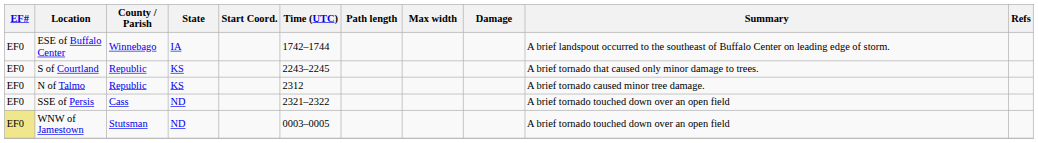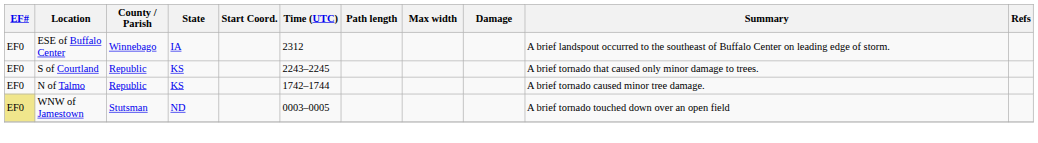 <table class="wikitable sortable" style="width:100%;">
 <tr>
 <th scope="col" width="3%" align="center"><a href='#'>EF#</a></th>
 <th scope="col" width="7%" align="center" class="unsortable">Location</th>
 <th scope="col" width="6%" align="center" class="unsortable">County / Parish</th>
 <th scope="col" width="5%" align="center">State</th>
 <th scope="col" width="6%" align="center">Start Coord.</th>
 <th scope="col" width="6%" align="center">Time (<a href='#'>UTC</a>)</th>
 <th scope="col" width="6%" align="center">Path length</th>
 <th scope="col" width="6%" align="center">Max width</th>
 <th scope="col" width="6%" align="center">Damage</th>
 <th scope="col" width="48%" class="unsortable" align="center">Summary</th>
 <th scope="col" width="48%" class="unsortable" align="center">Refs</th>
 </tr>
 <tr>
 <td>EF0</td>
 <td>ESE of <a href='#'>Buffalo Center</a></td>
 <td><a href='#'>Winnebago</a></td>
 <td><a href='#'>IA</a></td>
 <td></td>
-<td>1742–1744</td>
+<td>2312</td>
 <td></td>
 <td></td>
 <td></td>
 <td>A brief landspout occurred to the southeast of Buffalo Center on leading edge of storm.</td>
 <td></td>
 </tr>
 <tr>
 <td>EF0</td>
 <td>S of <a href='#'>Courtland</a></td>
 <td><a href='#'>Republic</a></td>
 <td><a href='#'>KS</a></td>
 <td></td>
 <td>2243–2245</td>
 <td></td>
 <td></td>
 <td></td>
 <td>A brief tornado that caused only minor damage to trees.</td>
 <td></td>
 </tr>
 <tr>
 <td>EF0</td>
 <td>N of <a href='#'>Talmo</a></td>
 <td><a href='#'>Republic</a></td>
 <td><a href='#'>KS</a></td>
 <td></td>
-<td>2312</td>
+<td>1742–1744</td>
 <td></td>
 <td></td>
 <td></td>
 <td>A brief tornado caused minor tree damage.</td>
-<td></td>
-</tr>
-<tr>
-<td>EF0</td>
-<td>SSE of <a href='#'>Persis</a></td>
-<td><a href='#'>Cass</a></td>
-<td><a href='#'>ND</a></td>
-<td></td>
-<td>2321–2322</td>
-<td></td>
-<td></td>
-<td></td>
-<td>A brief tornado touched down over an open field</td>
 <td></td>
 </tr>
 <tr>
 <td style="background: khaki;">EF0</td>
 <td>WNW of <a href='#'>Jamestown</a></td>
 <td><a href='#'>Stutsman</a></td>
 <td><a href='#'>ND</a></td>
 <td></td>
 <td>0003–0005</td>
 <td></td>
 <td></td>
 <td></td>
 <td>A brief tornado touched down over an open field</td>
 <td></td>
 </tr>
 <tr>
 </tr>
 </table>
